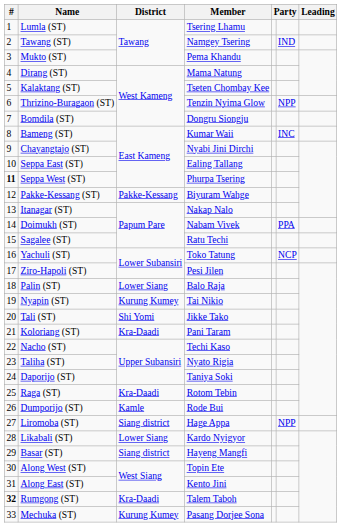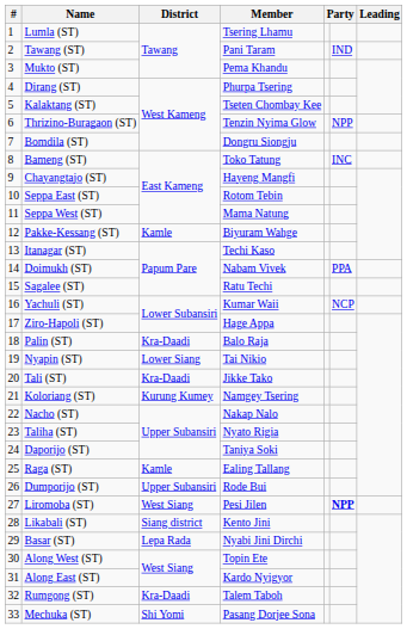 <table class="wikitable sortable collapsible collapsed">
 <tr>
 <th>#</th>
 <th>Name</th>
 <th>District</th>
 <th>Member</th>
 <th colspan="2">Party</th>
 <th colspan=2>Leading<br></th>
 </tr>
 <tr>
 <td>1</td>
 <td><a href='#'>Lumla</a> (ST)</td>
 <td rowspan="3"><a href='#'>Tawang</a></td>
 <td><a href='#'>Tsering Lhamu</a></td>
 <td></td>
 <td></td>
 </tr>
 <tr>
 <td>2</td>
 <td><a href='#'>Tawang</a> (ST)</td>
-<td><a href='#'>Namgey Tsering</a></td>
+<td><a href='#'>Pani Taram</a></td>
 <td style="background-color: "></td>
 <td><a href='#'>IND</a></td>
 <td></td>
 </tr>
 <tr>
 <td>3</td>
 <td><a href='#'>Mukto</a> (ST)</td>
 <td><a href='#'>Pema Khandu</a></td>
 <td></td>
 <td></td>
 </tr>
 <tr>
 <td>4</td>
 <td><a href='#'>Dirang</a> (ST)</td>
 <td rowspan="4"><a href='#'>West Kameng</a></td>
-<td><a href='#'>Mama Natung</a></td>
+<td><a href='#'>Phurpa Tsering</a></td>
 <td></td>
 <td></td>
 </tr>
 <tr>
 <td>5</td>
 <td><a href='#'>Kalaktang</a> (ST)</td>
 <td><a href='#'>Tseten Chombay Kee</a></td>
 <td></td>
 <td></td>
 </tr>
 <tr>
 <td>6</td>
 <td><a href='#'>Thrizino-Buragaon</a> (ST)</td>
 <td><a href='#'>Tenzin Nyima Glow</a></td>
 <td style="background-color: "></td>
 <td><a href='#'>NPP</a></td>
 <td></td>
 </tr>
 <tr>
 <td>7</td>
 <td><a href='#'>Bomdila</a> (ST)</td>
 <td><a href='#'>Dongru Siongju</a></td>
 <td></td>
 <td></td>
 </tr>
 <tr>
 <td>8</td>
 <td><a href='#'>Bameng</a> (ST)</td>
 <td rowspan="4"><a href='#'>East Kameng</a></td>
-<td><a href='#'>Kumar Waii</a></td>
+<td><a href='#'>Toko Tatung</a></td>
 <td style="background-color: "></td>
 <td><a href='#'>INC</a></td>
 <td></td>
 </tr>
 <tr>
 <td>9</td>
 <td><a href='#'>Chayangtajo</a> (ST)</td>
-<td><a href='#'>Nyabi Jini Dirchi</a></td>
+<td><a href='#'>Hayeng Mangfi</a></td>
 <td></td>
 <td></td>
 </tr>
 <tr>
 <td>10</td>
 <td><a href='#'>Seppa East</a> (ST)</td>
-<td><a href='#'>Ealing Tallang</a></td>
+<td><a href='#'>Rotom Tebin</a></td>
 <td></td>
 <td></td>
 </tr>
 <tr>
-<td><strong>11</strong></td>
+<td>11</td>
 <td><a href='#'>Seppa West</a> (ST)</td>
-<td><a href='#'>Phurpa Tsering</a></td>
+<td><a href='#'>Mama Natung</a></td>
 <td></td>
 <td></td>
 </tr>
 <tr>
 <td>12</td>
 <td><a href='#'>Pakke-Kessang</a> (ST)</td>
-<td><a href='#'>Pakke-Kessang</a></td>
+<td><a href='#'>Kamle</a></td>
 <td><a href='#'>Biyuram Wahge</a></td>
 <td></td>
 <td></td>
 </tr>
 <tr>
 <td>13</td>
 <td><a href='#'>Itanagar</a> (ST)</td>
 <td rowspan="3"><a href='#'>Papum Pare</a></td>
-<td><a href='#'>Nakap Nalo</a></td>
+<td><a href='#'>Techi Kaso</a></td>
 <td></td>
 <td></td>
 </tr>
 <tr>
 <td>14</td>
 <td><a href='#'>Doimukh</a> (ST)</td>
 <td><a href='#'>Nabam Vivek</a></td>
 <td style="background-color: "></td>
 <td><a href='#'>PPA</a></td>
 <td></td>
 </tr>
 <tr>
 <td>15</td>
 <td><a href='#'>Sagalee</a> (ST)</td>
 <td><a href='#'>Ratu Techi</a></td>
 <td></td>
 <td></td>
 </tr>
 <tr>
 <td>16</td>
 <td><a href='#'>Yachuli</a> (ST)</td>
 <td rowspan="2"><a href='#'>Lower Subansiri</a></td>
-<td><a href='#'>Toko Tatung</a></td>
+<td><a href='#'>Kumar Waii</a></td>
 <td style="background-color: "></td>
 <td><a href='#'>NCP</a></td>
 <td></td>
 </tr>
 <tr>
 <td>17</td>
 <td><a href='#'>Ziro-Hapoli</a> (ST)</td>
-<td><a href='#'>Pesi Jilen</a></td>
+<td><a href='#'>Hage Appa</a></td>
 <td></td>
 <td></td>
 </tr>
 <tr>
 <td>18</td>
 <td><a href='#'>Palin</a> (ST)</td>
-<td><a href='#'>Lower Siang</a></td>
+<td><a href='#'>Kra-Daadi</a></td>
 <td><a href='#'>Balo Raja</a></td>
 <td></td>
 <td></td>
 </tr>
 <tr>
 <td>19</td>
 <td><a href='#'>Nyapin</a> (ST)</td>
-<td><a href='#'>Kurung Kumey</a></td>
+<td><a href='#'>Lower Siang</a></td>
 <td><a href='#'>Tai Nikio</a></td>
 <td></td>
 <td></td>
 </tr>
 <tr>
 <td>20</td>
 <td><a href='#'>Tali</a> (ST)</td>
-<td><a href='#'>Shi Yomi</a></td>
+<td><a href='#'>Kra-Daadi</a></td>
 <td><a href='#'>Jikke Tako</a></td>
 <td></td>
 <td></td>
 </tr>
 <tr>
 <td>21</td>
 <td><a href='#'>Koloriang</a> (ST)</td>
-<td><a href='#'>Kra-Daadi</a></td>
-<td><a href='#'>Pani Taram</a></td>
+<td><a href='#'>Kurung Kumey</a></td>
+<td><a href='#'>Namgey Tsering</a></td>
 <td></td>
 <td></td>
 </tr>
 <tr>
 <td>22</td>
 <td><a href='#'>Nacho</a> (ST)</td>
 <td rowspan="3"><a href='#'>Upper Subansiri</a></td>
-<td><a href='#'>Techi Kaso</a></td>
+<td><a href='#'>Nakap Nalo</a></td>
 <td></td>
 <td></td>
 </tr>
 <tr>
 <td>23</td>
 <td><a href='#'>Taliha</a> (ST)</td>
 <td><a href='#'>Nyato Rigia</a></td>
 <td></td>
 <td></td>
 </tr>
 <tr>
 <td>24</td>
 <td><a href='#'>Daporijo</a> (ST)</td>
 <td><a href='#'>Taniya Soki</a></td>
 <td></td>
 <td></td>
 </tr>
 <tr>
 <td>25</td>
 <td><a href='#'>Raga</a> (ST)</td>
-<td><a href='#'>Kra-Daadi</a></td>
-<td><a href='#'>Rotom Tebin</a></td>
+<td><a href='#'>Kamle</a></td>
+<td><a href='#'>Ealing Tallang</a></td>
 <td></td>
 <td></td>
 </tr>
 <tr>
 <td>26</td>
 <td><a href='#'>Dumporijo</a> (ST)</td>
-<td><a href='#'>Kamle</a></td>
+<td><a href='#'>Upper Subansiri</a></td>
 <td><a href='#'>Rode Bui</a></td>
 <td></td>
 <td></td>
 </tr>
 <tr>
 <td>27</td>
 <td><a href='#'>Liromoba</a> (ST)</td>
-<td><a href='#'>Siang district</a></td>
-<td><a href='#'>Hage Appa</a></td>
+<td><a href='#'>West Siang</a></td>
+<td><a href='#'>Pesi Jilen</a></td>
 <td style="background-color: "></td>
-<td><a href='#'>NPP</a></td>
+<td><strong><a href='#'>NPP</a></strong></td>
 <td></td>
 </tr>
 <tr>
 <td>28</td>
 <td><a href='#'>Likabali</a> (ST)</td>
-<td><a href='#'>Lower Siang</a></td>
-<td><a href='#'>Kardo Nyigyor</a></td>
+<td><a href='#'>Siang district</a></td>
+<td><a href='#'>Kento Jini</a></td>
 <td></td>
 <td></td>
 </tr>
 <tr>
 <td>29</td>
 <td><a href='#'>Basar</a> (ST)</td>
-<td><a href='#'>Siang district</a></td>
-<td><a href='#'>Hayeng Mangfi</a></td>
+<td><a href='#'>Lepa Rada</a></td>
+<td><a href='#'>Nyabi Jini Dirchi</a></td>
 <td></td>
 <td></td>
 </tr>
 <tr>
 <td>30</td>
 <td><a href='#'>Along West</a> (ST)</td>
 <td rowspan="2"><a href='#'>West Siang</a></td>
 <td><a href='#'>Topin Ete</a></td>
 <td></td>
 <td></td>
 </tr>
 <tr>
 <td>31</td>
 <td><a href='#'>Along East</a> (ST)</td>
-<td><a href='#'>Kento Jini</a></td>
+<td><a href='#'>Kardo Nyigyor</a></td>
 <td></td>
 <td></td>
 </tr>
 <tr>
-<td><strong>32</strong></td>
+<td>32</td>
 <td><a href='#'>Rumgong</a> (ST)</td>
 <td><a href='#'>Kra-Daadi</a></td>
 <td><a href='#'>Talem Taboh</a></td>
 <td></td>
 <td></td>
 </tr>
 <tr>
 <td>33</td>
 <td><a href='#'>Mechuka</a> (ST)</td>
-<td><a href='#'>Kurung Kumey</a></td>
+<td><a href='#'>Shi Yomi</a></td>
 <td><a href='#'>Pasang Dorjee Sona</a></td>
 <td></td>
 <td></td>
 </tr>
 </table>
